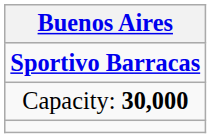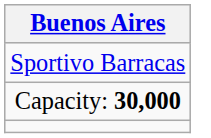 <table class="wikitable" style="text-align:center">
 <tr>
 <th colspan=2><a href='#'>Buenos Aires</a></th>
 </tr>
 <tr>
-<td><strong><a href='#'>Sportivo Barracas</a></strong></td>
+<td><a href='#'>Sportivo Barracas</a></td>
 </tr>
 <tr>
 <td>Capacity: <strong>30,000</strong></td>
 </tr>
 <tr>
 <td></td>
 </tr>
 </table>
